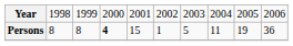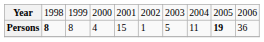 <table class="wikitable" style="float:centre; font-size:85%;">
 <tr>
 <th>Year</th>
 <td>1998</td>
 <td>1999</td>
 <td>2000</td>
 <td>2001</td>
 <td>2002</td>
 <td>2003</td>
 <td>2004</td>
 <td>2005</td>
 <td>2006</td>
 </tr>
 <tr ->
 <th>Persons</th>
+<td><strong>8</strong></td>
 <td>8</td>
-<td>8</td>
-<td><strong>4</strong></td>
+<td>4</td>
 <td>15</td>
 <td>1</td>
 <td>5</td>
 <td>11</td>
-<td>19</td>
+<td><strong>19</strong></td>
 <td>36</td>
 </tr>
 <tr ->
 </tr>
 </table>
